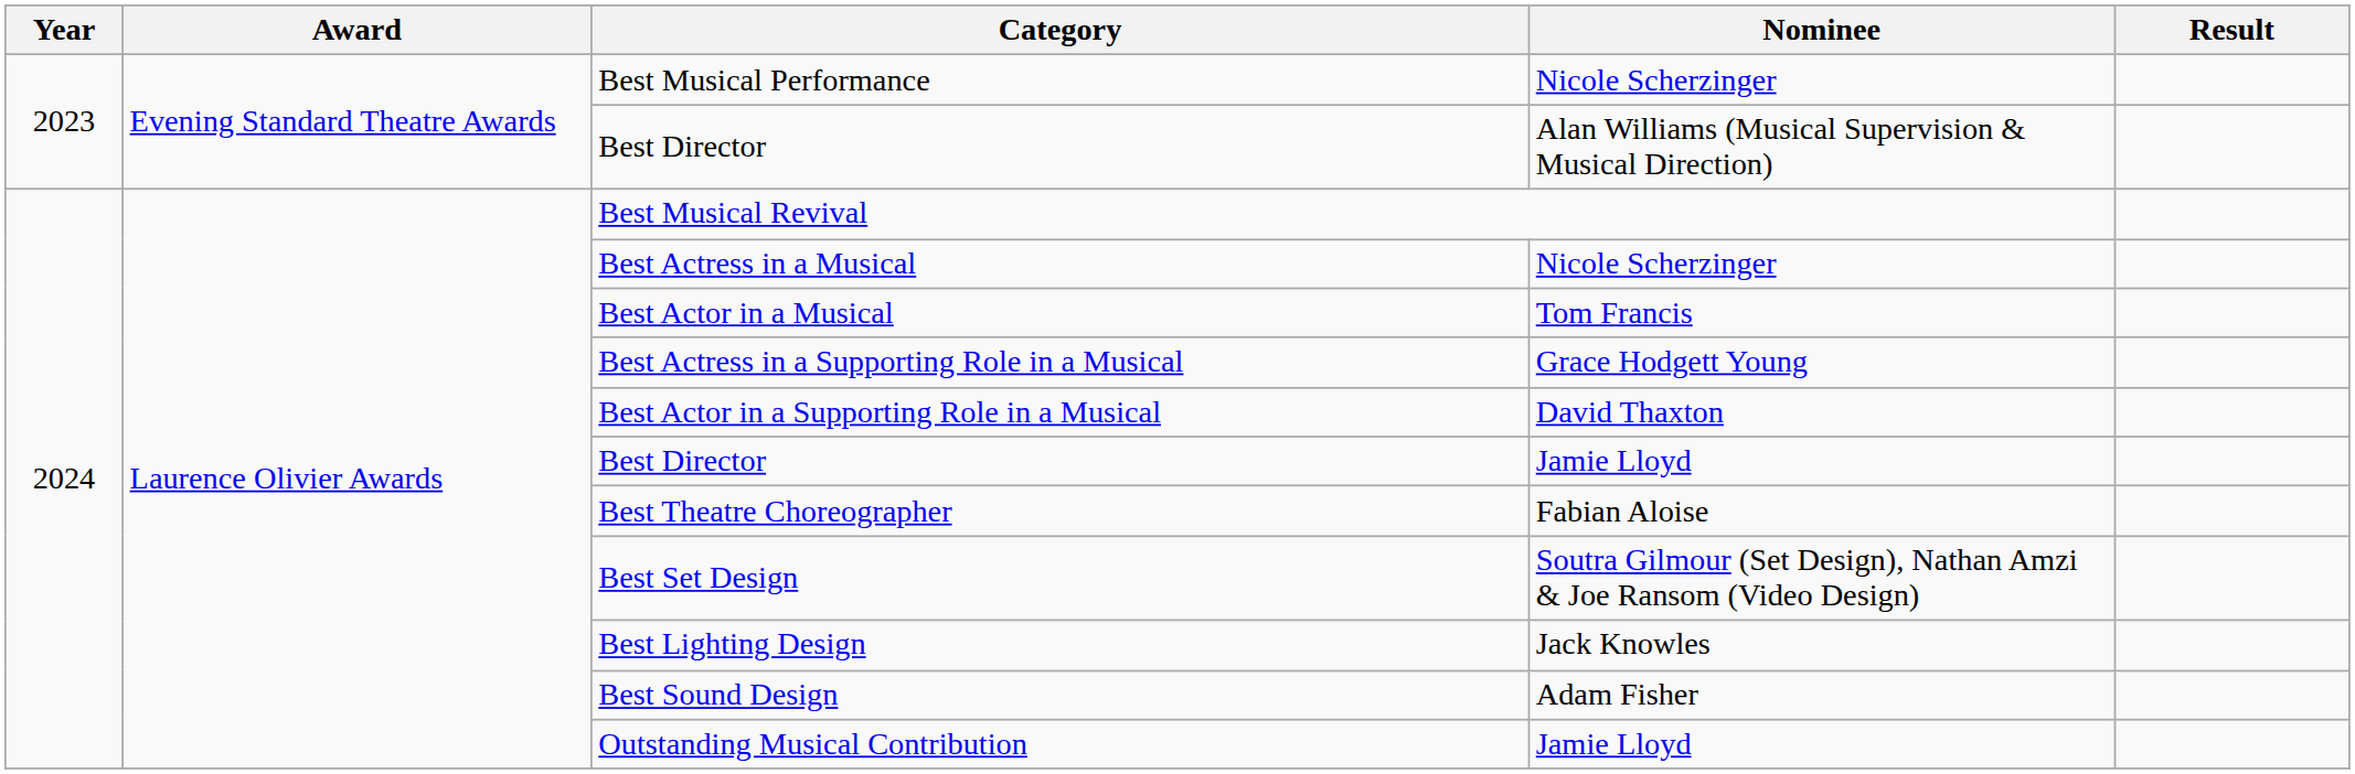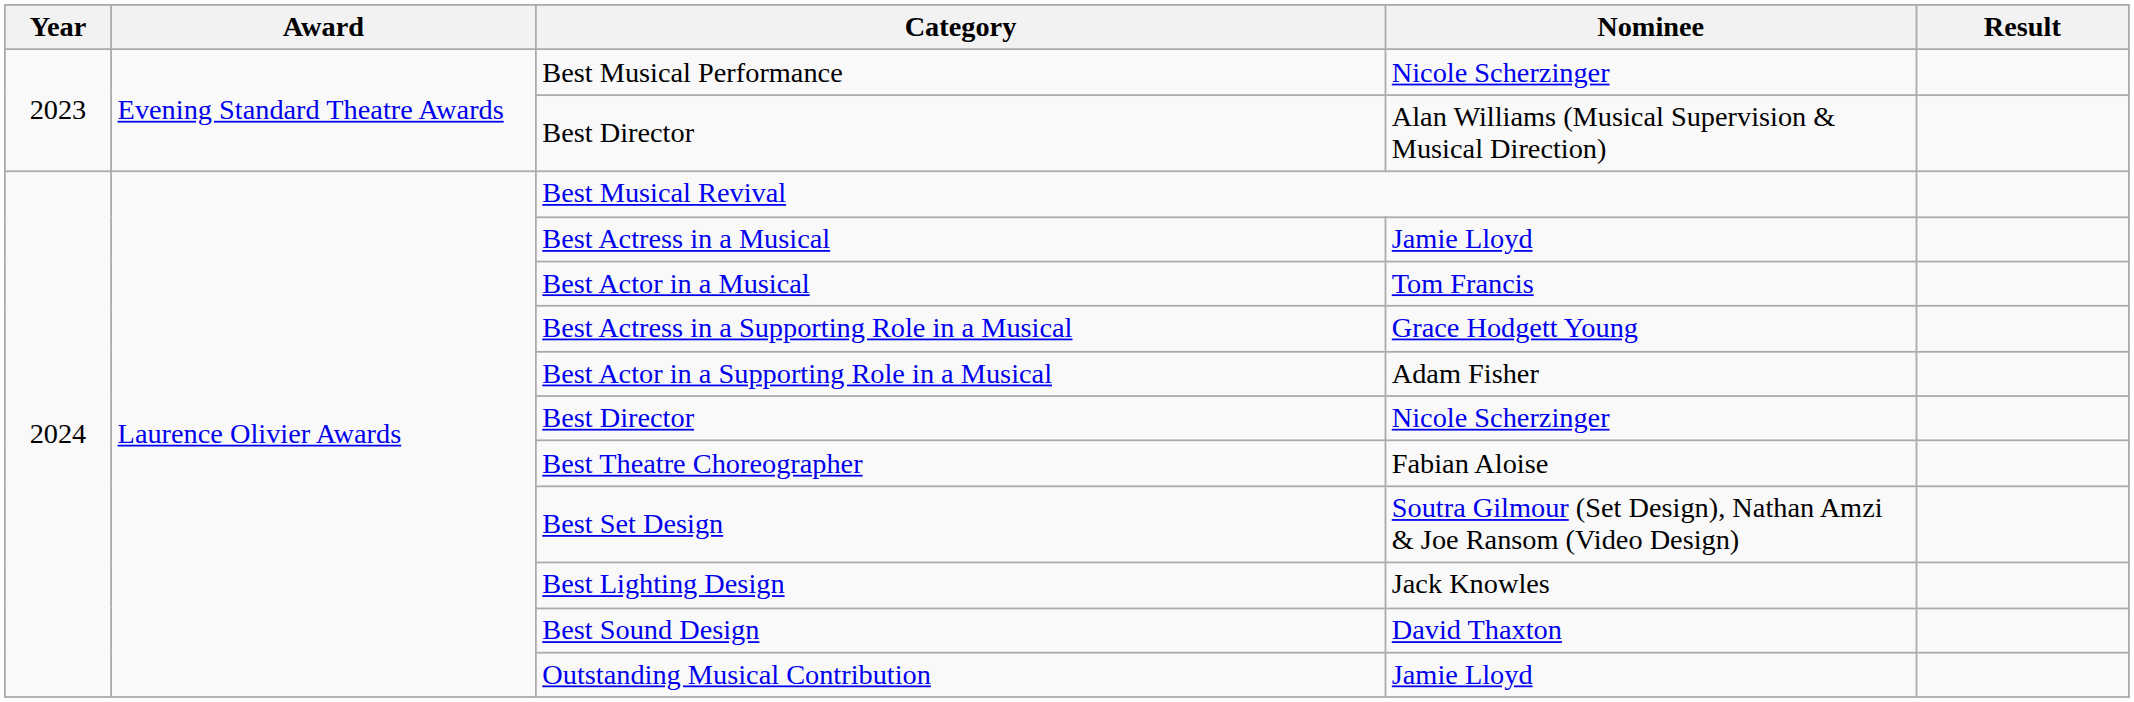 <table class="wikitable" style="width:95%;">
 <tr>
 <th style="width:5%;">Year</th>
 <th style="width:20%;">Award</th>
 <th style="width:40%;">Category</th>
 <th style="width:25%;">Nominee</th>
 <th style="width:10%;">Result</th>
 </tr>
 <tr>
 <td rowspan="2" style="text-align:center;">2023</td>
 <td rowspan="2"><a href='#'>Evening Standard Theatre Awards</a></td>
 <td>Best Musical Performance</td>
 <td><a href='#'>Nicole Scherzinger</a></td>
 <td></td>
 </tr>
 <tr>
 <td>Best Director</td>
 <td>Alan Williams (Musical Supervision & Musical Direction)</td>
 <td></td>
 </tr>
 <tr>
 <td rowspan="11" style="text-align:center;">2024</td>
 <td rowspan="11"><a href='#'>Laurence Olivier Awards</a></td>
 <td colspan="2"><a href='#'>Best Musical Revival</a></td>
 <td></td>
 </tr>
 <tr>
 <td><a href='#'>Best Actress in a Musical</a></td>
-<td><a href='#'>Nicole Scherzinger</a></td>
+<td><a href='#'>Jamie Lloyd</a></td>
 <td></td>
 </tr>
 <tr>
 <td><a href='#'>Best Actor in a Musical</a></td>
 <td><a href='#'>Tom Francis</a></td>
 <td></td>
 </tr>
 <tr>
 <td><a href='#'>Best Actress in a Supporting Role in a Musical</a></td>
 <td><a href='#'>Grace Hodgett Young</a></td>
 <td></td>
 </tr>
 <tr>
 <td><a href='#'>Best Actor in a Supporting Role in a Musical</a></td>
-<td><a href='#'>David Thaxton</a></td>
+<td>Adam Fisher</td>
 <td></td>
 </tr>
 <tr>
 <td><a href='#'>Best Director</a></td>
-<td><a href='#'>Jamie Lloyd</a></td>
+<td><a href='#'>Nicole Scherzinger</a></td>
 <td></td>
 </tr>
 <tr>
 <td><a href='#'>Best Theatre Choreographer</a></td>
 <td>Fabian Aloise</td>
 <td></td>
 </tr>
 <tr>
 <td><a href='#'>Best Set Design</a></td>
 <td><a href='#'>Soutra Gilmour</a> (Set Design), Nathan Amzi & Joe Ransom (Video Design)</td>
 <td></td>
 </tr>
 <tr>
 <td><a href='#'>Best Lighting Design</a></td>
 <td>Jack Knowles</td>
 <td></td>
 </tr>
 <tr>
 <td><a href='#'>Best Sound Design</a></td>
-<td>Adam Fisher</td>
+<td><a href='#'>David Thaxton</a></td>
 <td></td>
 </tr>
 <tr>
 <td><a href='#'>Outstanding Musical Contribution</a></td>
 <td><a href='#'>Jamie Lloyd</a></td>
 <td></td>
 </tr>
 </table>
